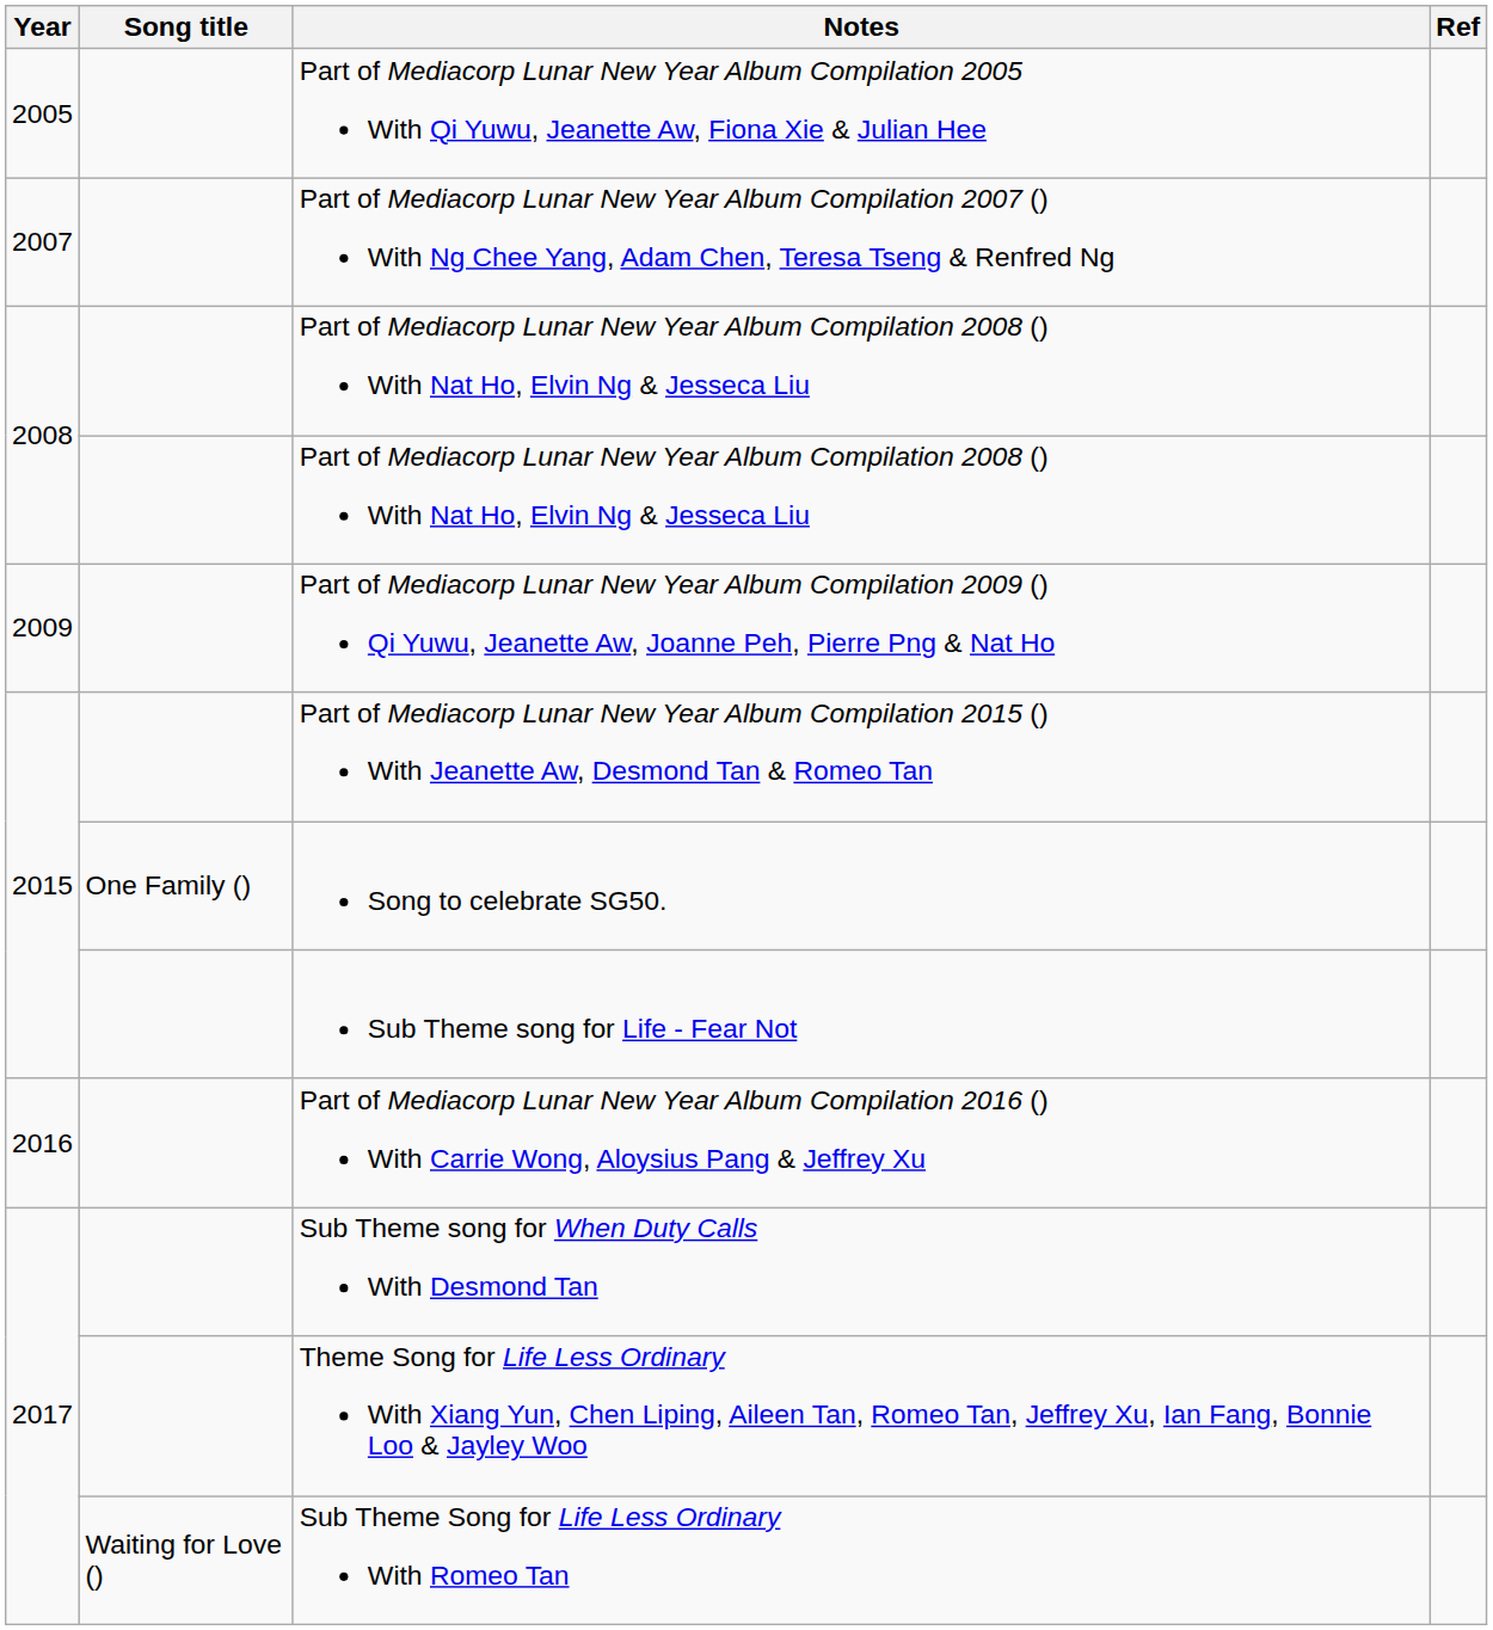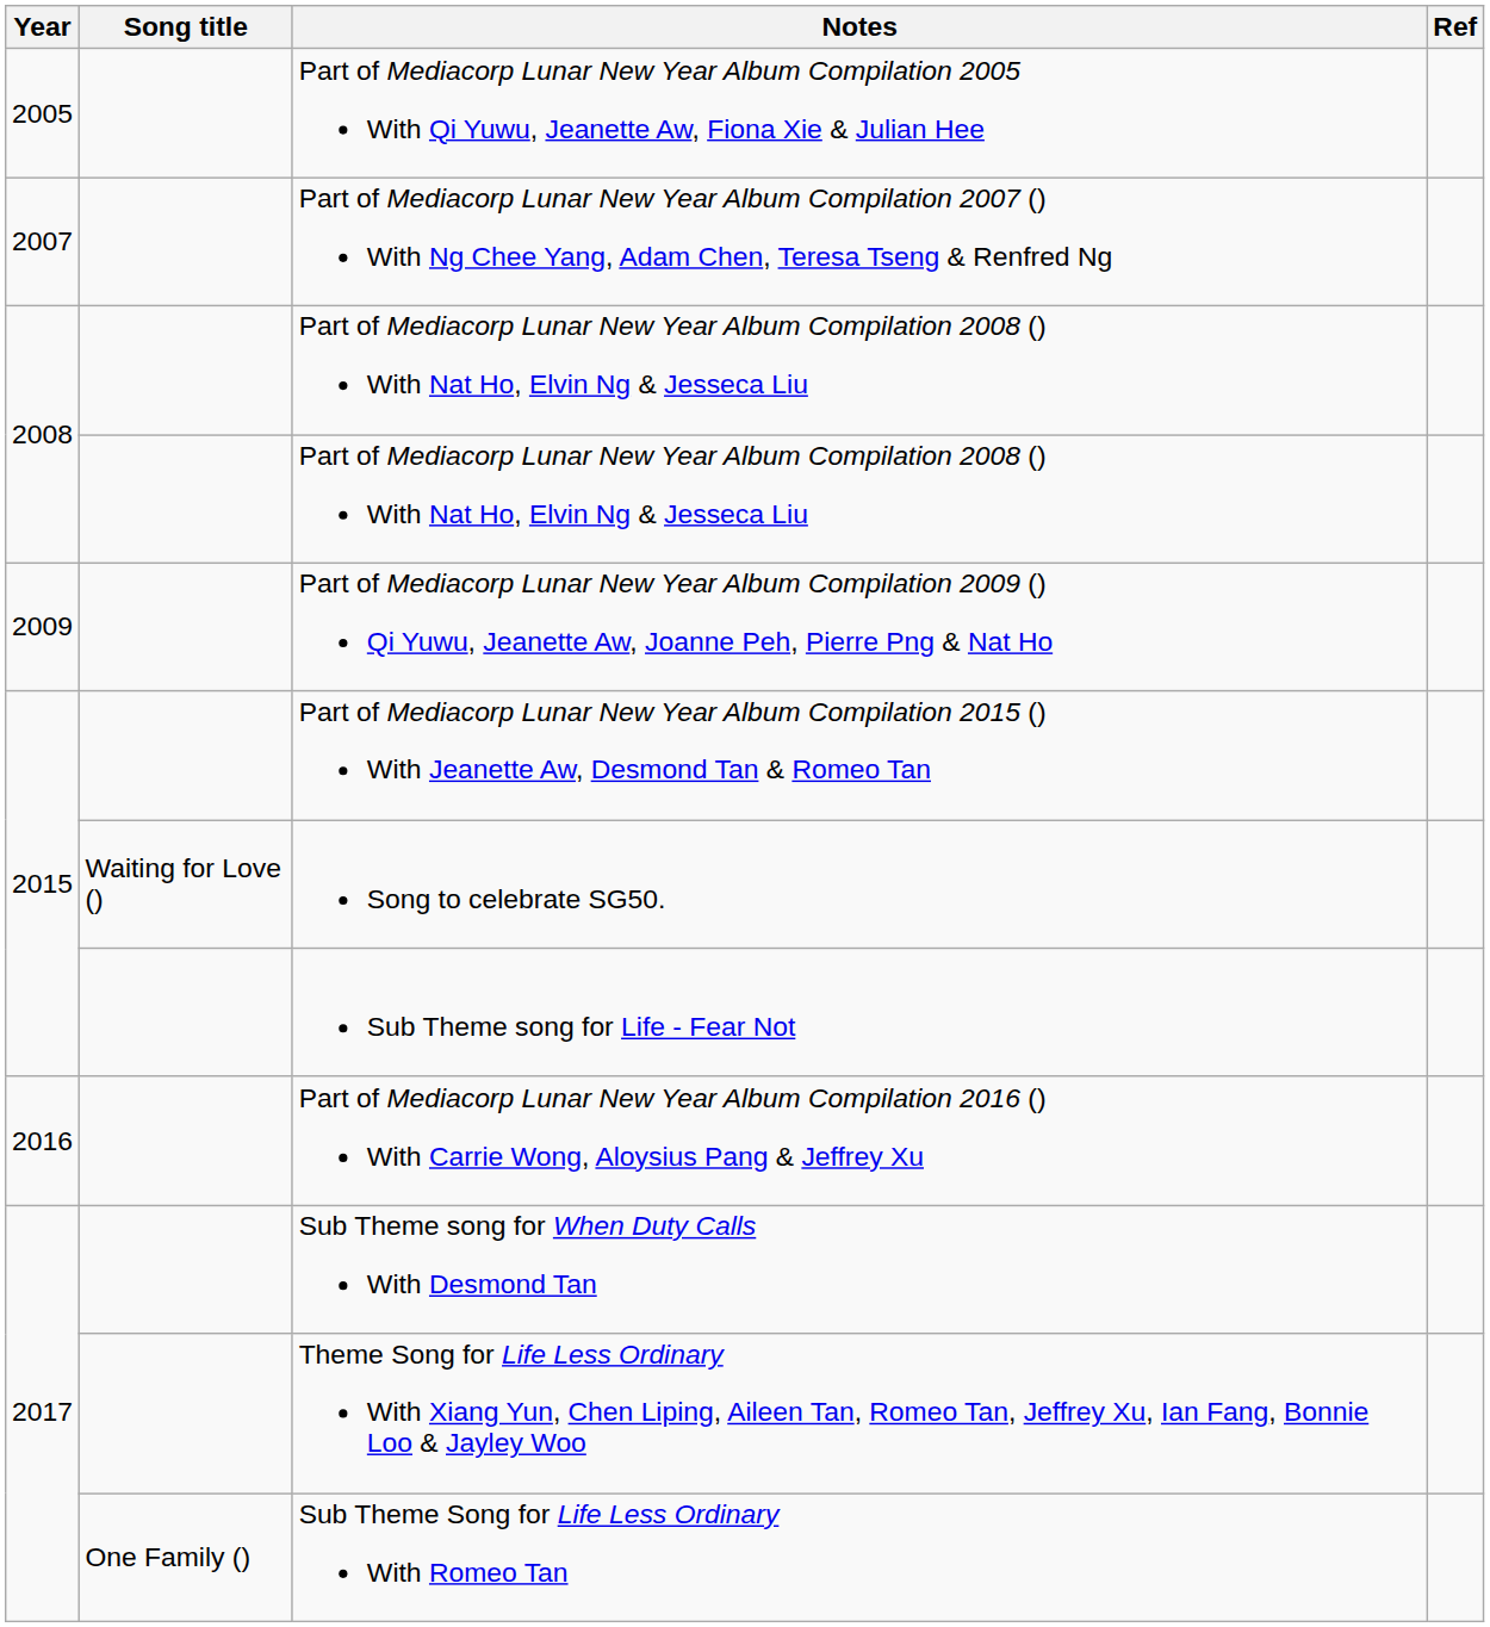 <table class="wikitable sortable">
 <tr>
 <th>Year</th>
 <th>Song title</th>
 <th class="unsortable">Notes</th>
 <th class="unsortable">Ref</th>
 </tr>
 <tr>
 <td rowspan="1">2005</td>
 <td></td>
 <td>Part of <em>Mediacorp Lunar New Year Album Compilation 2005</em><br><ul><li>With <a href='#'>Qi Yuwu</a>, <a href='#'>Jeanette Aw</a>, <a href='#'>Fiona Xie</a> & <a href='#'>Julian Hee</a></li></ul></td>
 <td></td>
 </tr>
 <tr>
 <td rowspan="1">2007</td>
 <td></td>
 <td>Part of <em>Mediacorp Lunar New Year Album Compilation 2007</em> ()<br><ul><li>With <a href='#'>Ng Chee Yang</a>, <a href='#'>Adam Chen</a>, <a href='#'>Teresa Tseng</a> & Renfred Ng</li></ul></td>
 <td></td>
 </tr>
 <tr>
 <td rowspan="2">2008</td>
 <td></td>
 <td>Part of <em>Mediacorp Lunar New Year Album Compilation 2008</em> ()<br><ul><li>With <a href='#'>Nat Ho</a>, <a href='#'>Elvin Ng</a> & <a href='#'>Jesseca Liu</a></li></ul></td>
 <td></td>
 </tr>
 <tr>
 <td></td>
 <td>Part of <em>Mediacorp Lunar New Year Album Compilation 2008</em> ()<br><ul><li>With <a href='#'>Nat Ho</a>, <a href='#'>Elvin Ng</a> & <a href='#'>Jesseca Liu</a></li></ul></td>
 <td></td>
 </tr>
 <tr>
 <td rowspan="1">2009</td>
 <td></td>
 <td>Part of <em>Mediacorp Lunar New Year Album Compilation 2009</em> ()<br><ul><li><a href='#'>Qi Yuwu</a>, <a href='#'>Jeanette Aw</a>, <a href='#'>Joanne Peh</a>, <a href='#'>Pierre Png</a> & <a href='#'>Nat Ho</a></li></ul></td>
 <td></td>
 </tr>
 <tr>
 <td rowspan="3">2015</td>
 <td></td>
 <td>Part of <em>Mediacorp Lunar New Year Album Compilation 2015</em> ()<br><ul><li>With <a href='#'>Jeanette Aw</a>, <a href='#'>Desmond Tan</a> & <a href='#'>Romeo Tan</a></li></ul></td>
 <td></td>
 </tr>
 <tr>
-<td>One Family ()</td>
+<td>Waiting for Love ()</td>
 <td><br><ul><li>Song to celebrate SG50.</li></ul></td>
 <td></td>
 </tr>
 <tr>
 <td></td>
 <td><br><ul><li>Sub Theme song for <a href='#'>Life - Fear Not</a></li></ul></td>
 <td></td>
 </tr>
 <tr>
 <td>2016</td>
 <td></td>
 <td>Part of <em>Mediacorp Lunar New Year Album Compilation 2016</em> ()<br><ul><li>With <a href='#'>Carrie Wong</a>, <a href='#'>Aloysius Pang</a> & <a href='#'>Jeffrey Xu</a></li></ul></td>
 <td></td>
 </tr>
 <tr>
 <td rowspan="3">2017</td>
 <td></td>
 <td>Sub Theme song for <a href='#'><em>When Duty Calls</em></a><br><ul><li>With <a href='#'>Desmond Tan</a></li></ul></td>
 <td></td>
 </tr>
 <tr>
 <td></td>
 <td>Theme Song for <a href='#'><em>Life Less Ordinary</em></a><br><ul><li>With <a href='#'>Xiang Yun</a>, <a href='#'>Chen Liping</a>, <a href='#'>Aileen Tan</a>, <a href='#'>Romeo Tan</a>, <a href='#'>Jeffrey Xu</a>, <a href='#'>Ian Fang</a>, <a href='#'>Bonnie Loo</a> & <a href='#'>Jayley Woo</a></li></ul></td>
 <td></td>
 </tr>
 <tr>
-<td>Waiting for Love ()</td>
+<td>One Family ()</td>
 <td>Sub Theme Song for <a href='#'><em>Life Less Ordinary</em></a><br><ul><li>With <a href='#'>Romeo Tan</a></li></ul></td>
 <td></td>
 </tr>
 </table>
